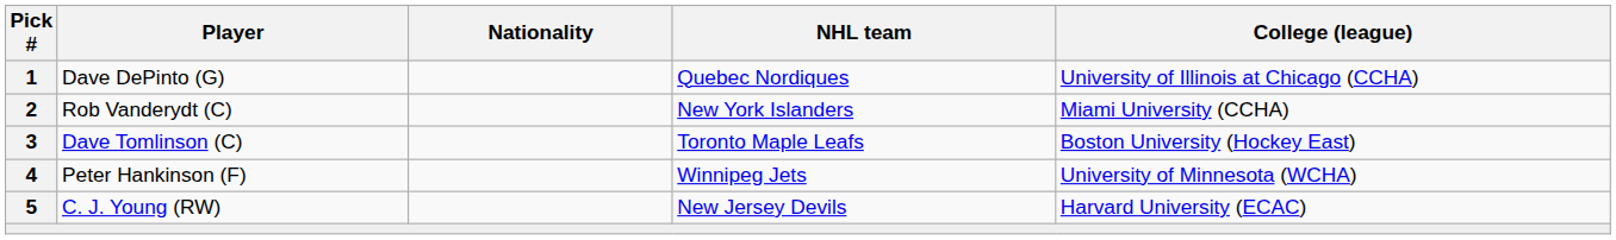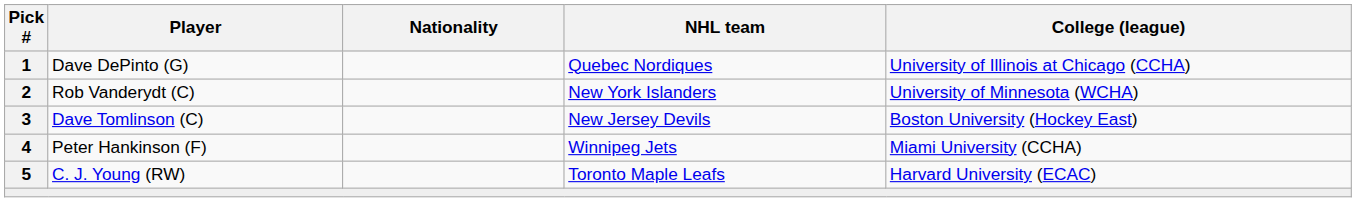 <table class="wikitable">
 <tr>
 <th bgcolor="#DDDDFF" width="2.75%">Pick #</th>
 <th bgcolor="#DDDDFF" width="22.0%">Player</th>
 <th bgcolor="#DDDDFF" width="16.5%">Nationality</th>
 <th bgcolor="#DDDDFF" width="24.0%">NHL team</th>
 <th bgcolor="#DDDDFF" width="100.0%">College (league)</th>
 </tr>
 <tr>
 <th>1</th>
 <td>Dave DePinto (G)</td>
 <td></td>
 <td><a href='#'>Quebec Nordiques</a></td>
 <td><a href='#'>University of Illinois at Chicago</a> (<a href='#'>CCHA</a>)</td>
 </tr>
 <tr>
 <th>2</th>
 <td>Rob Vanderydt (C)</td>
 <td></td>
 <td><a href='#'>New York Islanders</a></td>
-<td><a href='#'>Miami University</a> (CCHA)</td>
+<td><a href='#'>University of Minnesota</a> (<a href='#'>WCHA</a>)</td>
 </tr>
 <tr>
 <th>3</th>
 <td><a href='#'>Dave Tomlinson</a> (C)</td>
 <td></td>
-<td><a href='#'>Toronto Maple Leafs</a></td>
+<td><a href='#'>New Jersey Devils</a></td>
 <td><a href='#'>Boston University</a> (<a href='#'>Hockey East</a>)</td>
 </tr>
 <tr>
 <th>4</th>
 <td>Peter Hankinson (F)</td>
 <td></td>
 <td><a href='#'>Winnipeg Jets</a></td>
-<td><a href='#'>University of Minnesota</a> (<a href='#'>WCHA</a>)</td>
+<td><a href='#'>Miami University</a> (CCHA)</td>
 </tr>
 <tr>
 <th>5</th>
 <td><a href='#'>C. J. Young</a> (RW)</td>
 <td></td>
-<td><a href='#'>New Jersey Devils</a></td>
+<td><a href='#'>Toronto Maple Leafs</a></td>
 <td><a href='#'>Harvard University</a> (<a href='#'>ECAC</a>)</td>
 </tr>
 <tr>
 <td align=center colspan="5" bgcolor="#efefef"></td>
 </tr>
 </table>
